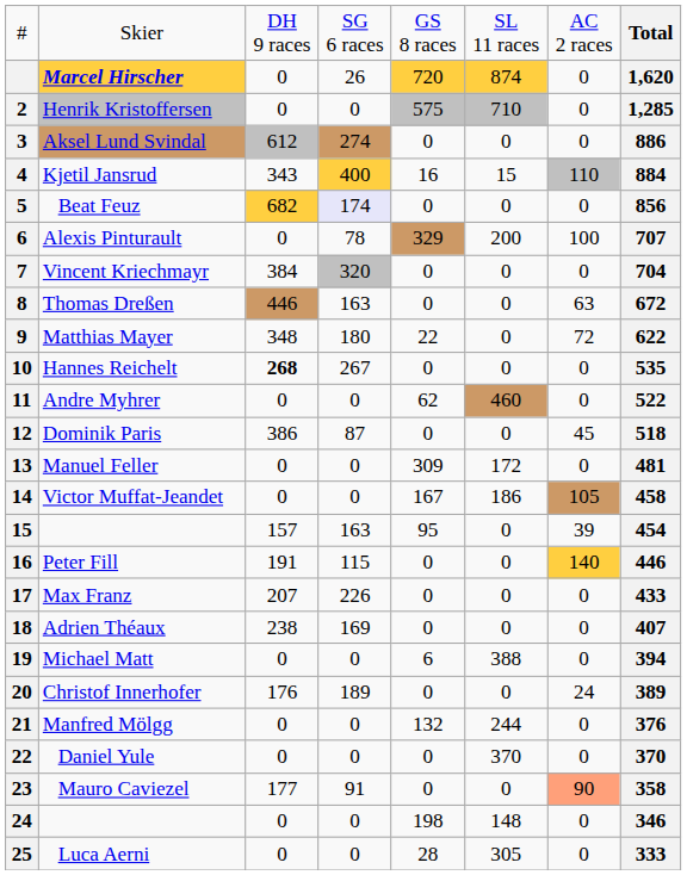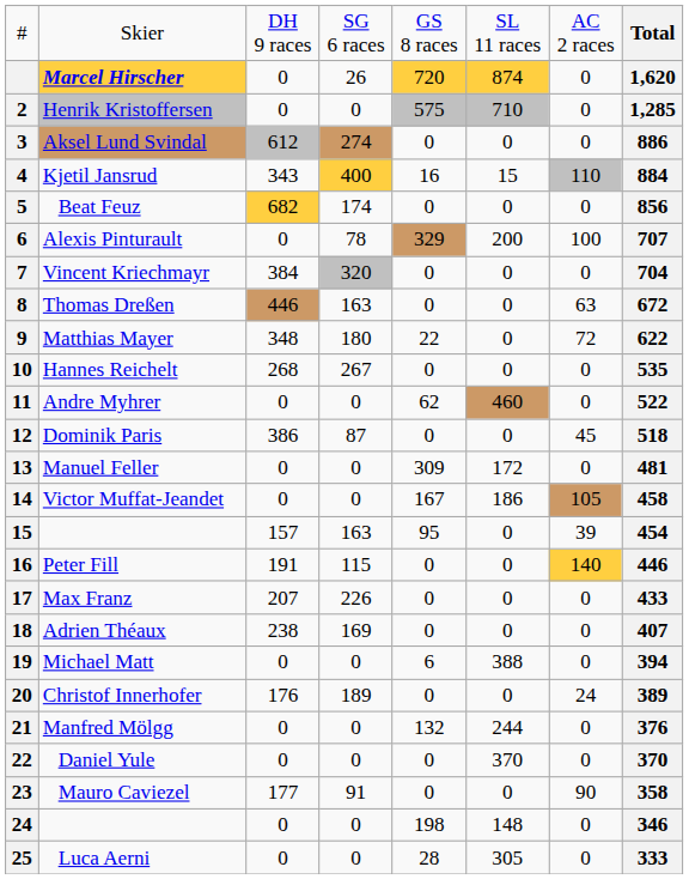 <table class="wikitable" width=60% style="font-size:100%; text-align:center;">
 <tr>
 <td>#</td>
 <td>Skier</td>
 <td><a href='#'>DH</a><br>9 races</td>
 <td><a href='#'>SG</a><br>6 races</td>
 <td><a href='#'>GS</a><br>8 races</td>
 <td><a href='#'>SL</a><br>11 races</td>
 <td><a href='#'>AC</a><br>2 races</td>
 <th>Total</th>
 </tr>
 <tr>
 <th></th>
 <td align=left bgcolor=ffcf40> <strong><em><a href='#'>Marcel Hirscher</a></em></strong></td>
 <td>0</td>
 <td>26</td>
 <td bgcolor=ffcf40>720</td>
 <td bgcolor=ffcf40>874</td>
 <td>0</td>
 <th>1,620</th>
 </tr>
 <tr>
 <th>2</th>
 <td align=left bgcolor=c0c0c0> <a href='#'>Henrik Kristoffersen</a></td>
 <td>0</td>
 <td>0</td>
 <td bgcolor=c0c0c0>575</td>
 <td bgcolor=c0c0c0>710</td>
 <td>0</td>
 <th>1,285</th>
 </tr>
 <tr>
 <th>3</th>
 <td align=left bgcolor=cc9966> <a href='#'>Aksel Lund Svindal</a></td>
 <td bgcolor=c0c0c0>612</td>
 <td bgcolor=cc9966>274</td>
 <td>0</td>
 <td>0</td>
 <td>0</td>
 <th>886</th>
 </tr>
 <tr>
 <th>4</th>
 <td align=left> <a href='#'>Kjetil Jansrud</a></td>
 <td>343</td>
 <td bgcolor=ffcf40>400</td>
 <td>16</td>
 <td>15</td>
 <td bgcolor=c0c0c0>110</td>
 <th>884</th>
 </tr>
 <tr>
 <th>5</th>
 <td align=left>   <a href='#'>Beat Feuz</a></td>
 <td bgcolor=ffcf40>682</td>
-<td style="background: lavender;">174</td>
+<td>174</td>
 <td>0</td>
 <td>0</td>
 <td>0</td>
 <th>856</th>
 </tr>
 <tr>
 <th>6</th>
 <td align=left> <a href='#'>Alexis Pinturault</a></td>
 <td>0</td>
 <td>78</td>
 <td bgcolor=cc9966>329</td>
 <td>200</td>
 <td>100</td>
 <th>707</th>
 </tr>
 <tr>
 <th>7</th>
 <td align=left> <a href='#'>Vincent Kriechmayr</a></td>
 <td>384</td>
 <td bgcolor=c0c0c0>320</td>
 <td>0</td>
 <td>0</td>
 <td>0</td>
 <th>704</th>
 </tr>
 <tr>
 <th>8</th>
 <td align=left> <a href='#'>Thomas Dreßen</a></td>
 <td bgcolor=cc9966>446</td>
 <td>163</td>
 <td>0</td>
 <td>0</td>
 <td>63</td>
 <th>672</th>
 </tr>
 <tr>
 <th>9</th>
 <td align=left> <a href='#'>Matthias Mayer</a></td>
 <td>348</td>
 <td>180</td>
 <td>22</td>
 <td>0</td>
 <td>72</td>
 <th>622</th>
 </tr>
 <tr>
 <th>10</th>
 <td align=left> <a href='#'>Hannes Reichelt</a></td>
-<td><strong>268</strong></td>
+<td>268</td>
 <td>267</td>
 <td>0</td>
 <td>0</td>
 <td>0</td>
 <th>535</th>
 </tr>
 <tr>
 <th>11</th>
 <td align=left> <a href='#'>Andre Myhrer</a></td>
 <td>0</td>
 <td>0</td>
 <td>62</td>
 <td bgcolor=cc9966>460</td>
 <td>0</td>
 <th>522</th>
 </tr>
 <tr>
 <th>12</th>
 <td align=left> <a href='#'>Dominik Paris</a></td>
 <td>386</td>
 <td>87</td>
 <td>0</td>
 <td>0</td>
 <td>45</td>
 <th>518</th>
 </tr>
 <tr>
 <th>13</th>
 <td align=left> <a href='#'>Manuel Feller</a></td>
 <td>0</td>
 <td>0</td>
 <td>309</td>
 <td>172</td>
 <td>0</td>
 <th>481</th>
 </tr>
 <tr>
 <th>14</th>
 <td align=left> <a href='#'>Victor Muffat-Jeandet</a></td>
 <td>0</td>
 <td>0</td>
 <td>167</td>
 <td>186</td>
 <td bgcolor=cc9966>105</td>
 <th>458</th>
 </tr>
 <tr>
 <th>15</th>
 <td align=left></td>
 <td>157</td>
 <td>163</td>
 <td>95</td>
 <td>0</td>
 <td>39</td>
 <th>454</th>
 </tr>
 <tr>
 <th>16</th>
 <td align=left> <a href='#'>Peter Fill</a></td>
 <td>191</td>
 <td>115</td>
 <td>0</td>
 <td>0</td>
 <td bgcolor=ffcf40>140</td>
 <th>446</th>
 </tr>
 <tr>
 <th>17</th>
 <td align=left> <a href='#'>Max Franz</a></td>
 <td>207</td>
 <td>226</td>
 <td>0</td>
 <td>0</td>
 <td>0</td>
 <th>433</th>
 </tr>
 <tr>
 <th>18</th>
 <td align=left> <a href='#'>Adrien Théaux</a></td>
 <td>238</td>
 <td>169</td>
 <td>0</td>
 <td>0</td>
 <td>0</td>
 <th>407</th>
 </tr>
 <tr>
 <th>19</th>
 <td align=left> <a href='#'>Michael Matt</a></td>
 <td>0</td>
 <td>0</td>
 <td>6</td>
 <td>388</td>
 <td>0</td>
 <th>394</th>
 </tr>
 <tr>
 <th>20</th>
 <td align=left> <a href='#'>Christof Innerhofer</a></td>
 <td>176</td>
 <td>189</td>
 <td>0</td>
 <td>0</td>
 <td>24</td>
 <th>389</th>
 </tr>
 <tr>
 <th>21</th>
 <td align=left> <a href='#'>Manfred Mölgg</a></td>
 <td>0</td>
 <td>0</td>
 <td>132</td>
 <td>244</td>
 <td>0</td>
 <th>376</th>
 </tr>
 <tr>
 <th>22</th>
 <td align=left>   <a href='#'>Daniel Yule</a></td>
 <td>0</td>
 <td>0</td>
 <td>0</td>
 <td>370</td>
 <td>0</td>
 <th>370</th>
 </tr>
 <tr>
 <th>23</th>
 <td align=left>   <a href='#'>Mauro Caviezel</a></td>
 <td>177</td>
 <td>91</td>
 <td>0</td>
 <td>0</td>
-<td style="background: lightsalmon;">90</td>
+<td>90</td>
 <th>358</th>
 </tr>
 <tr>
 <th>24</th>
 <td align=left></td>
 <td>0</td>
 <td>0</td>
 <td>198</td>
 <td>148</td>
 <td>0</td>
 <th>346</th>
 </tr>
 <tr>
 <th>25</th>
 <td align=left>   <a href='#'>Luca Aerni</a></td>
 <td>0</td>
 <td>0</td>
 <td>28</td>
 <td>305</td>
 <td>0</td>
 <th>333</th>
 </tr>
 </table>
